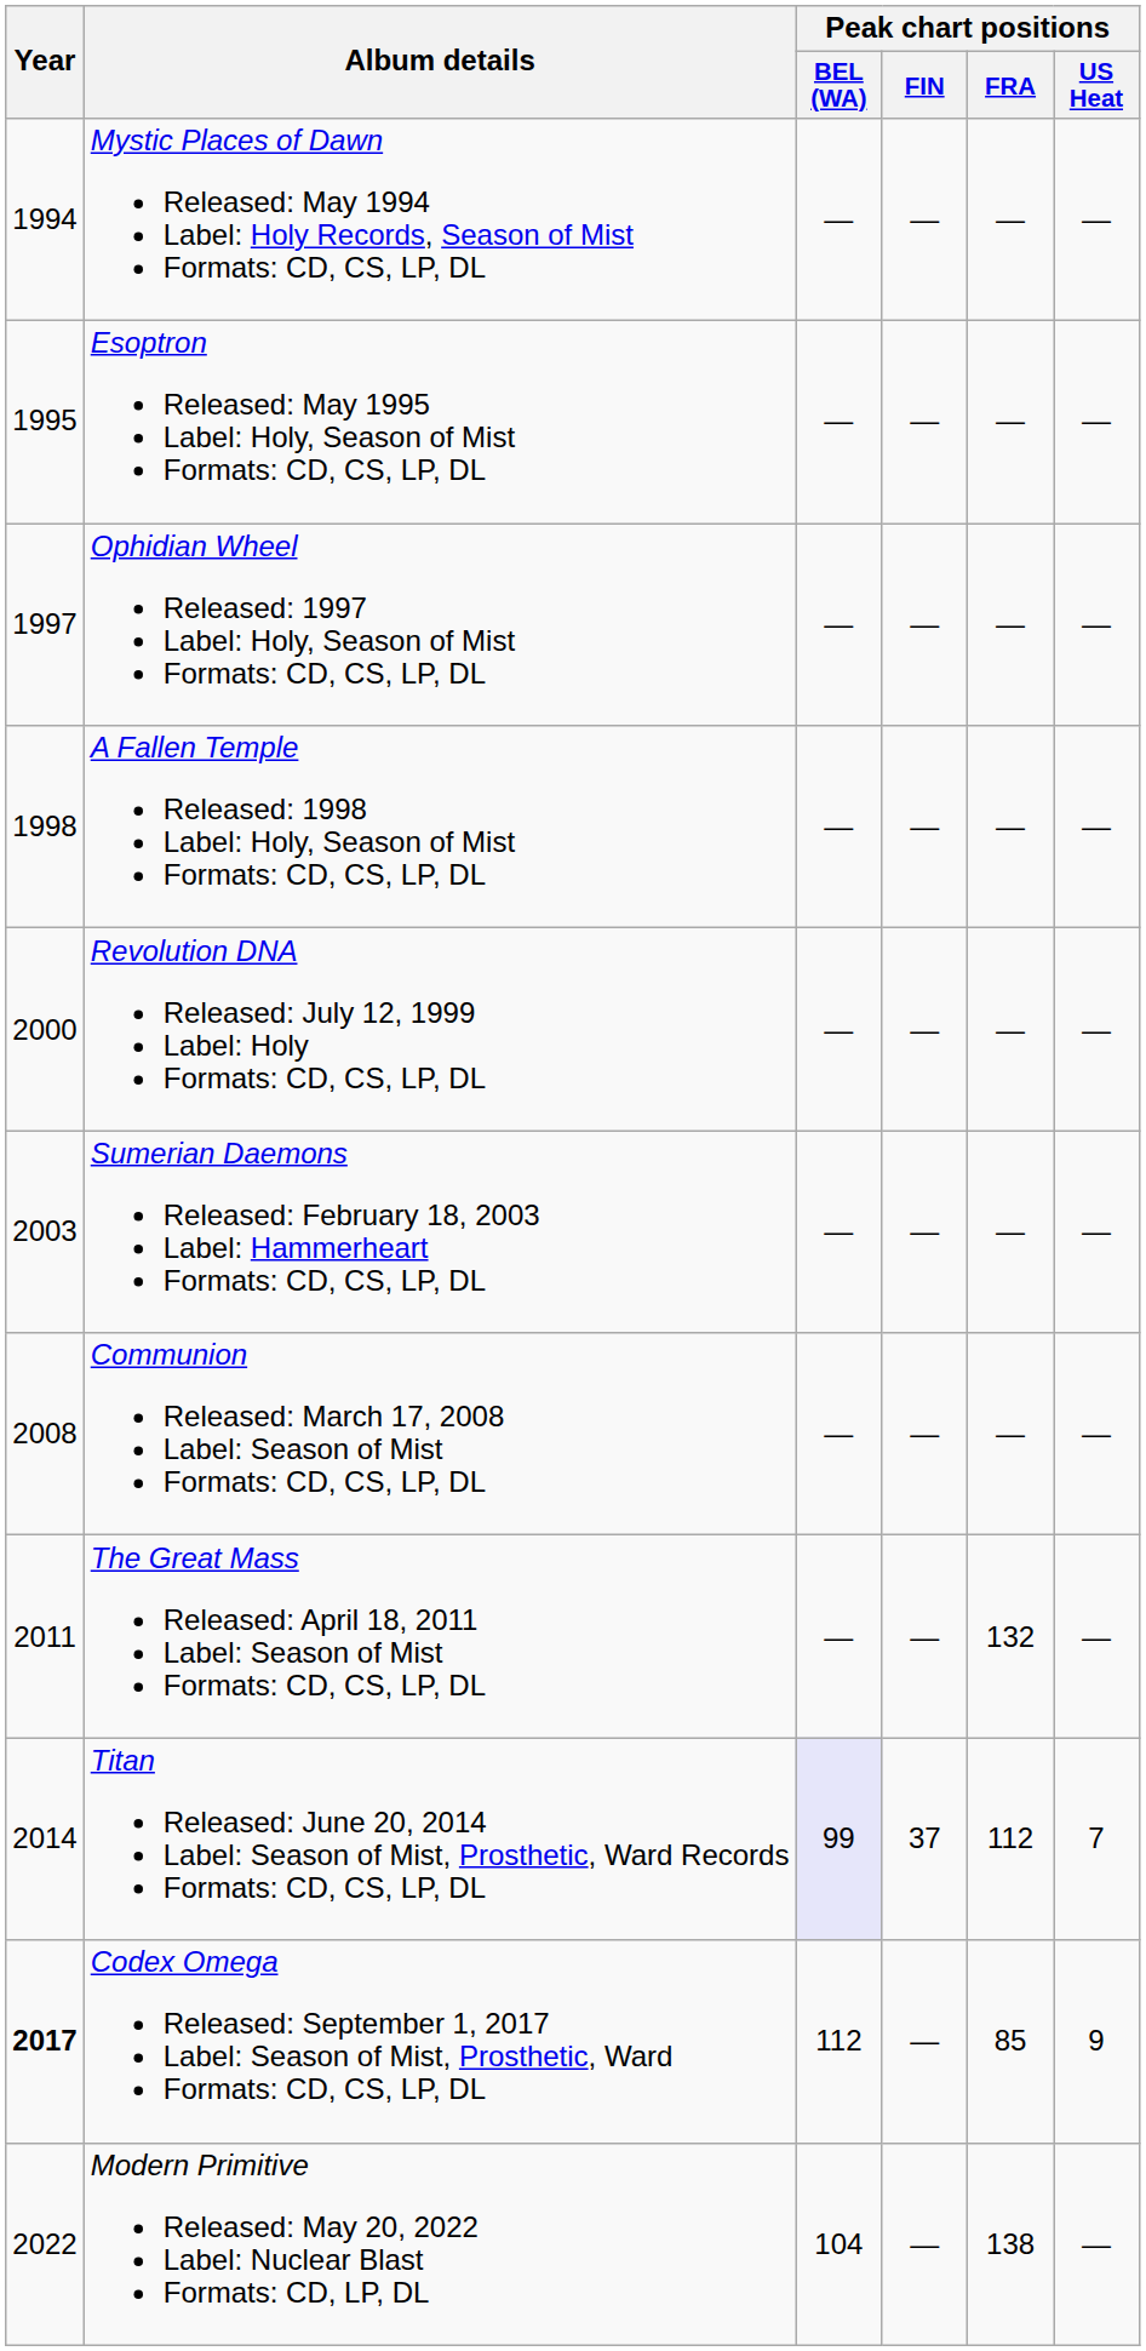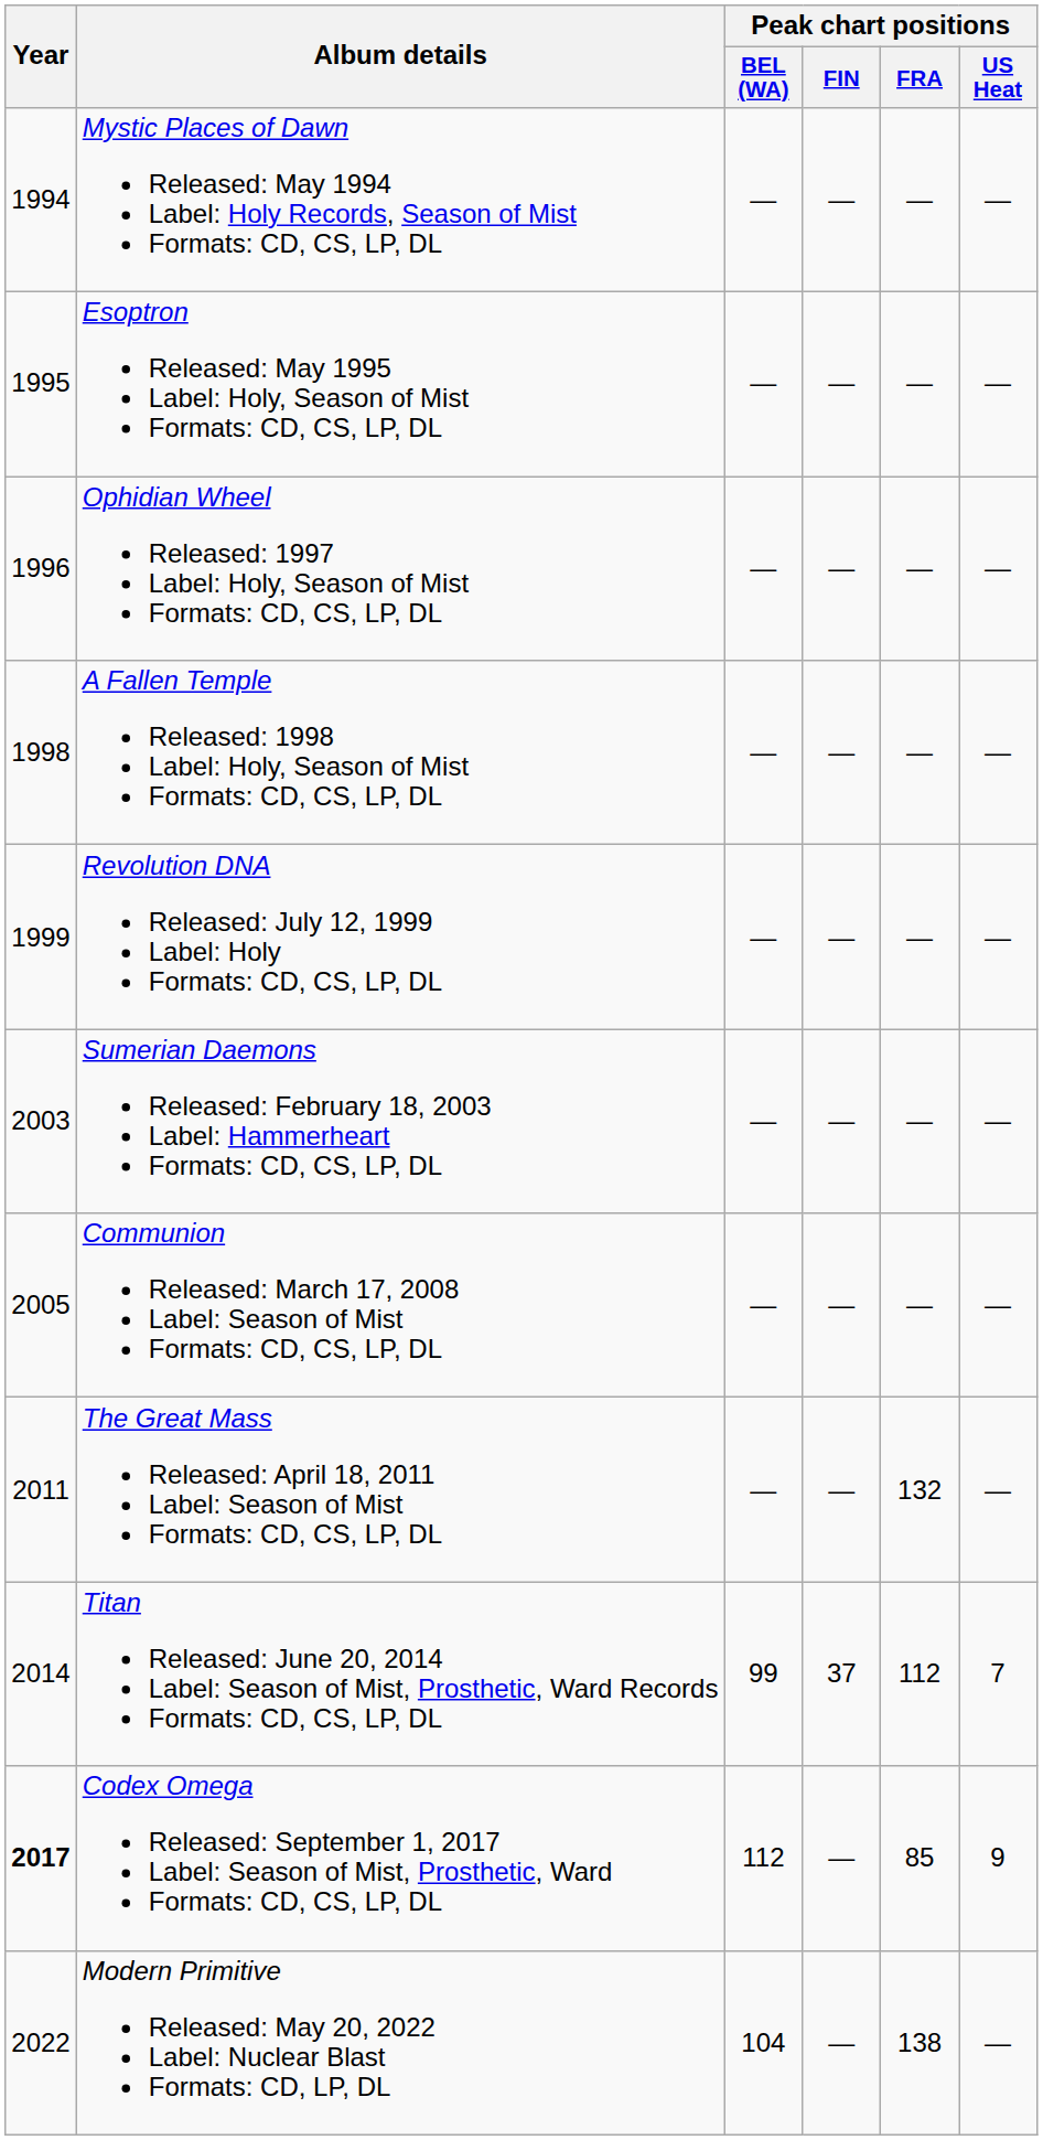 <table class ="wikitable">
 <tr>
 <th rowspan="2">Year</th>
 <th rowspan="2">Album details</th>
 <th colspan="10">Peak chart positions</th>
 </tr>
 <tr>
 <th style="width:3em;font-size:85%"><a href='#'>BEL<br>(WA)</a><br></th>
 <th style="width:3em;font-size:85%"><a href='#'>FIN</a><br></th>
 <th style="width:3em;font-size:85%"><a href='#'>FRA</a><br></th>
 <th style="width:3em;font-size:85%"><a href='#'>US<br> Heat</a></th>
 </tr>
 <tr>
 <td align="center">1994</td>
 <td><em><a href='#'>Mystic Places of Dawn</a></em><br><ul><li>Released: May 1994</li><li>Label: <a href='#'>Holy Records</a>, <a href='#'>Season of Mist</a></li><li>Formats: CD, CS, LP, DL</li></ul></td>
 <td align="center">—</td>
 <td align="center">—</td>
 <td align="center">—</td>
 <td align="center">—</td>
 </tr>
 <tr>
 <td align="center">1995</td>
 <td><em><a href='#'>Esoptron</a></em><br><ul><li>Released: May 1995</li><li>Label: Holy, Season of Mist</li><li>Formats: CD, CS, LP, DL</li></ul></td>
 <td align="center">—</td>
 <td align="center">—</td>
 <td align="center">—</td>
 <td align="center">—</td>
 </tr>
 <tr>
-<td align="center">1997</td>
+<td align="center">1996</td>
 <td><em><a href='#'>Ophidian Wheel</a></em><br><ul><li>Released: 1997</li><li>Label: Holy, Season of Mist</li><li>Formats: CD, CS, LP, DL</li></ul></td>
 <td align="center">—</td>
 <td align="center">—</td>
 <td align="center">—</td>
 <td align="center">—</td>
 </tr>
 <tr>
 <td align="center">1998</td>
 <td><em><a href='#'>A Fallen Temple</a></em><br><ul><li>Released: 1998</li><li>Label: Holy, Season of Mist</li><li>Formats: CD, CS, LP, DL</li></ul></td>
 <td align="center">—</td>
 <td align="center">—</td>
 <td align="center">—</td>
 <td align="center">—</td>
 </tr>
 <tr>
-<td align="center">2000</td>
+<td align="center">1999</td>
 <td><em><a href='#'>Revolution DNA</a></em><br><ul><li>Released: July 12, 1999</li><li>Label: Holy</li><li>Formats: CD, CS, LP, DL</li></ul></td>
 <td align="center">—</td>
 <td align="center">—</td>
 <td align="center">—</td>
 <td align="center">—</td>
 </tr>
 <tr>
 <td align="center">2003</td>
 <td><em><a href='#'>Sumerian Daemons</a></em><br><ul><li>Released: February 18, 2003</li><li>Label: <a href='#'>Hammerheart</a></li><li>Formats: CD, CS, LP, DL</li></ul></td>
 <td align="center">—</td>
 <td align="center">—</td>
 <td align="center">—</td>
 <td align="center">—</td>
 </tr>
 <tr>
-<td align="center">2008</td>
+<td align="center">2005</td>
 <td><em><a href='#'>Communion</a></em><br><ul><li>Released: March 17, 2008</li><li>Label: Season of Mist</li><li>Formats: CD, CS, LP, DL</li></ul></td>
 <td align="center">—</td>
 <td align="center">—</td>
 <td align="center">—</td>
 <td align="center">—</td>
 </tr>
 <tr>
 <td align="center">2011</td>
 <td><em><a href='#'>The Great Mass</a></em><br><ul><li>Released: April 18, 2011</li><li>Label: Season of Mist</li><li>Formats: CD, CS, LP, DL</li></ul></td>
 <td align="center">—</td>
 <td align="center">—</td>
 <td align="center">132</td>
 <td align="center">—</td>
 </tr>
 <tr>
 <td align="center">2014</td>
 <td><em><a href='#'>Titan</a></em><br><ul><li>Released: June 20, 2014</li><li>Label: Season of Mist, <a href='#'>Prosthetic</a>, Ward Records</li><li>Formats: CD, CS, LP, DL</li></ul></td>
-<td align="center" style="background: lavender;">99</td>
+<td align="center">99</td>
 <td align="center">37</td>
 <td align="center">112</td>
 <td align="center">7</td>
 </tr>
 <tr>
 <td align="center"><strong>2017</strong></td>
 <td><em><a href='#'>Codex Omega</a></em><br><ul><li>Released: September 1, 2017</li><li>Label: Season of Mist, <a href='#'>Prosthetic</a>, Ward</li><li>Formats: CD, CS, LP, DL</li></ul></td>
 <td align="center">112</td>
 <td align="center">—</td>
 <td align="center">85</td>
 <td align="center">9</td>
 </tr>
 <tr>
 <td>2022</td>
 <td><em>Modern Primitive</em><br><ul><li>Released: May 20, 2022</li><li>Label: Nuclear Blast</li><li>Formats: CD, LP, DL</li></ul></td>
 <td align="center">104</td>
 <td align="center">—</td>
 <td align="center">138</td>
 <td align="center">—</td>
 </tr>
 </table>
